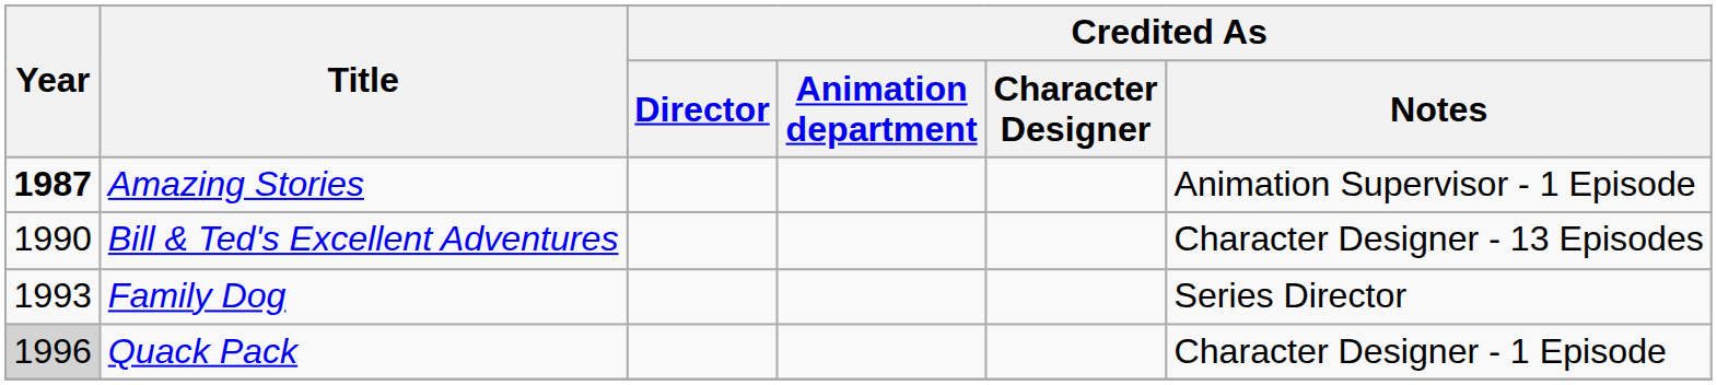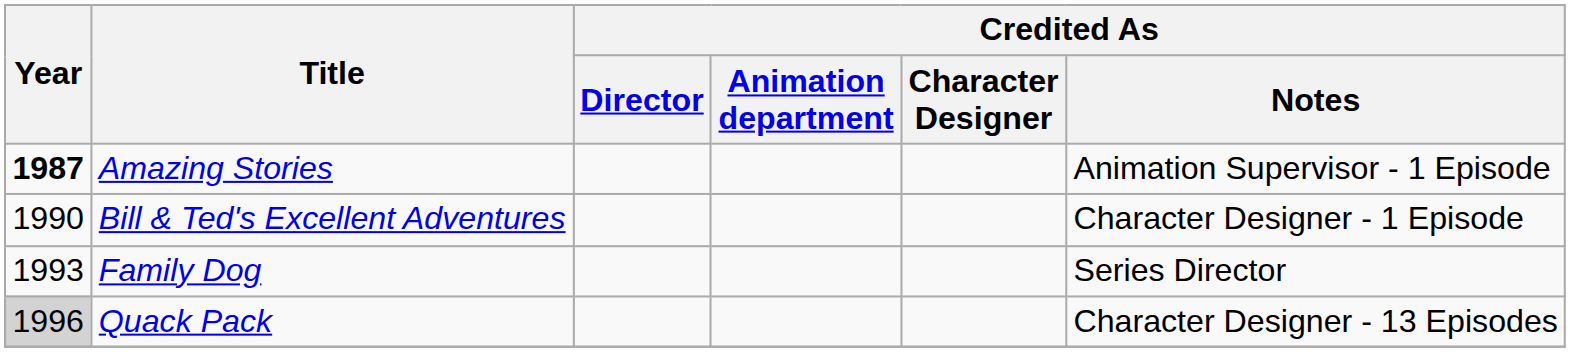 <table class="wikitable">
 <tr>
 <th rowspan="2">Year</th>
 <th rowspan="2">Title</th>
 <th colspan="7">Credited As</th>
 </tr>
 <tr>
 <th><a href='#'>Director</a></th>
 <th><a href='#'>Animation<br>department</a></th>
 <th>Character<br>Designer</th>
 <th>Notes</th>
 </tr>
 <tr>
 <td><strong>1987</strong></td>
 <td><em><a href='#'>Amazing Stories</a></em></td>
 <td></td>
 <td></td>
 <td></td>
 <td>Animation Supervisor - 1 Episode</td>
 </tr>
 <tr>
 <td>1990</td>
 <td><em><a href='#'>Bill & Ted's Excellent Adventures</a></em></td>
 <td></td>
 <td></td>
 <td></td>
-<td>Character Designer - 13 Episodes</td>
+<td>Character Designer - 1 Episode</td>
 </tr>
 <tr>
 <td>1993</td>
 <td><em><a href='#'>Family Dog</a></em></td>
 <td></td>
 <td></td>
 <td></td>
 <td>Series Director</td>
 </tr>
 <tr>
 <td style="background: lightgrey;">1996</td>
 <td><em><a href='#'>Quack Pack</a></em></td>
 <td></td>
 <td></td>
 <td></td>
-<td>Character Designer - 1 Episode</td>
+<td>Character Designer - 13 Episodes</td>
 </tr>
 <tr>
 </tr>
 </table>
